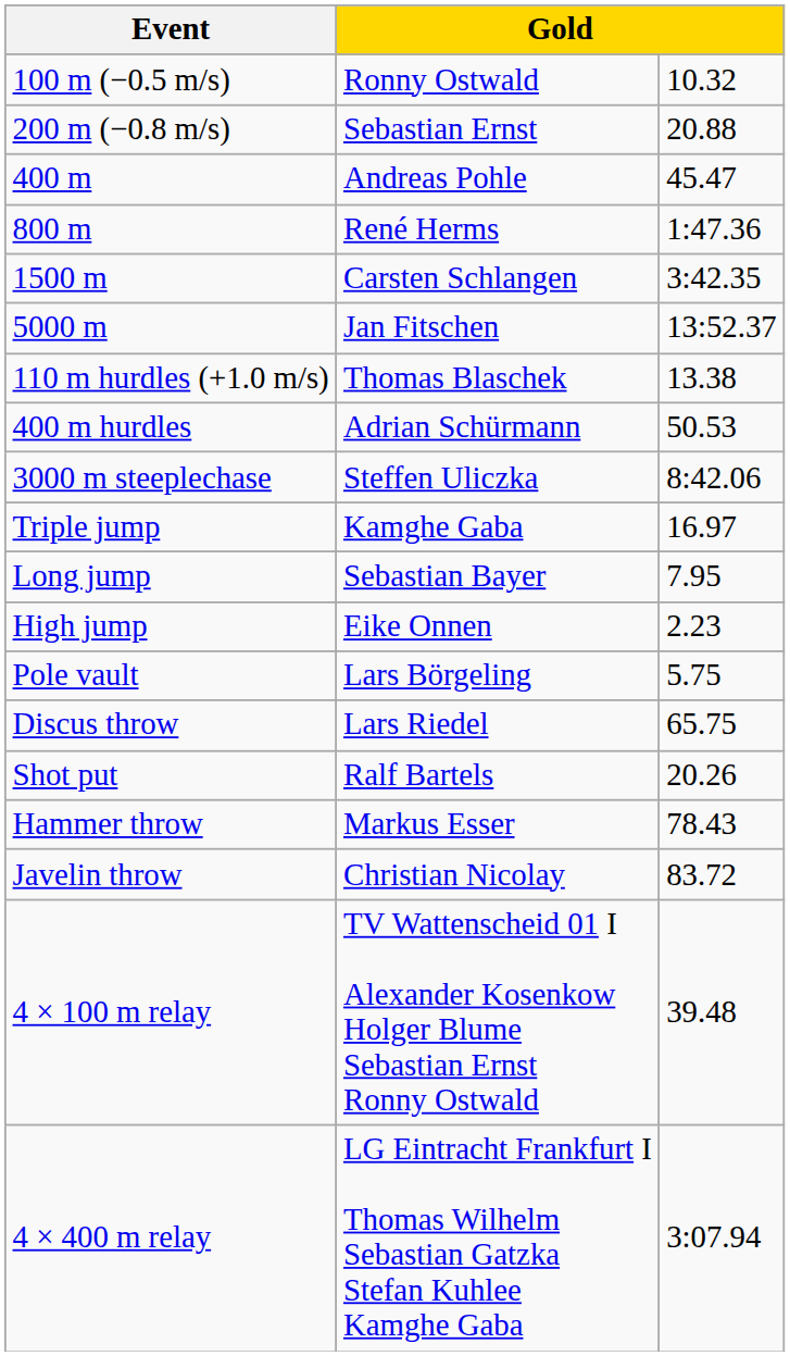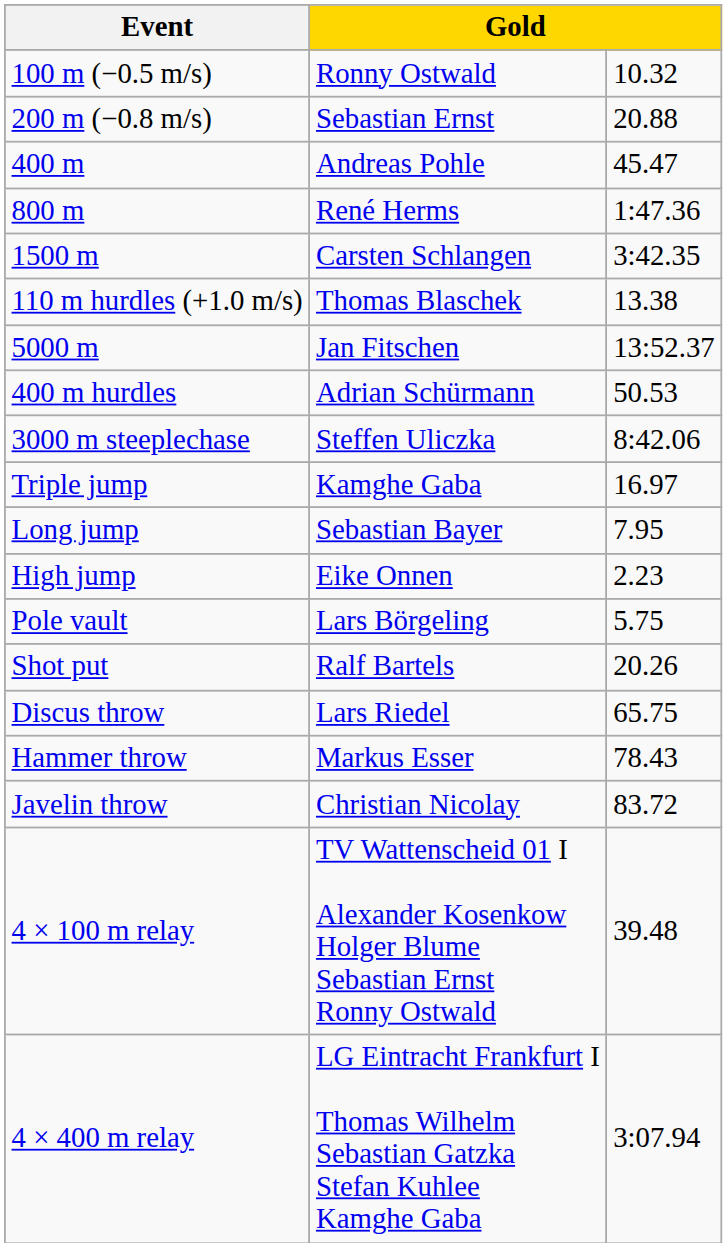 <table class="wikitable">
 <tr>
 <th>Event</th>
 <th style="background:gold;" colspan=2>Gold</th>
 </tr>
 <tr>
 <td><a href='#'>100 m</a> (−0.5 m/s)</td>
 <td><a href='#'>Ronny Ostwald</a></td>
 <td>10.32</td>
 </tr>
 <tr>
 <td><a href='#'>200 m</a> (−0.8 m/s)</td>
 <td><a href='#'>Sebastian Ernst</a></td>
 <td>20.88</td>
 </tr>
 <tr>
 <td><a href='#'>400 m</a></td>
 <td><a href='#'>Andreas Pohle</a></td>
 <td>45.47 </td>
 </tr>
 <tr>
 <td><a href='#'>800 m</a></td>
 <td><a href='#'>René Herms</a></td>
 <td>1:47.36</td>
 </tr>
 <tr>
 <td><a href='#'>1500 m</a></td>
 <td><a href='#'>Carsten Schlangen</a></td>
 <td>3:42.35</td>
 </tr>
 <tr>
+<td><a href='#'>110 m hurdles</a> (+1.0 m/s)</td>
+<td><a href='#'>Thomas Blaschek</a></td>
+<td>13.38</td>
+</tr>
+<tr>
 <td><a href='#'>5000 m</a></td>
 <td><a href='#'>Jan Fitschen</a></td>
 <td>13:52.37</td>
-</tr>
-<tr>
-<td><a href='#'>110 m hurdles</a> (+1.0 m/s)</td>
-<td><a href='#'>Thomas Blaschek</a></td>
-<td>13.38</td>
 </tr>
 <tr>
 <td><a href='#'>400 m hurdles</a></td>
 <td><a href='#'>Adrian Schürmann</a></td>
 <td>50.53 </td>
 </tr>
 <tr>
 <td><a href='#'>3000 m steeplechase</a></td>
 <td><a href='#'>Steffen Uliczka</a></td>
 <td>8:42.06</td>
 </tr>
 <tr>
 <td><a href='#'>Triple jump</a></td>
 <td><a href='#'>Kamghe Gaba</a></td>
 <td>16.97 </td>
 </tr>
 <tr>
 <td><a href='#'>Long jump</a></td>
 <td><a href='#'>Sebastian Bayer</a></td>
 <td>7.95 </td>
 </tr>
 <tr>
 <td><a href='#'>High jump</a></td>
 <td><a href='#'>Eike Onnen</a></td>
 <td>2.23</td>
 </tr>
 <tr>
 <td><a href='#'>Pole vault</a></td>
 <td><a href='#'>Lars Börgeling</a></td>
 <td>5.75</td>
 </tr>
 <tr>
+<td><a href='#'>Shot put</a></td>
+<td><a href='#'>Ralf Bartels</a></td>
+<td>20.26</td>
+</tr>
+<tr>
 <td><a href='#'>Discus throw</a></td>
 <td><a href='#'>Lars Riedel</a></td>
 <td>65.75</td>
-</tr>
-<tr>
-<td><a href='#'>Shot put</a></td>
-<td><a href='#'>Ralf Bartels</a></td>
-<td>20.26</td>
 </tr>
 <tr>
 <td><a href='#'>Hammer throw</a></td>
 <td><a href='#'>Markus Esser</a></td>
 <td>78.43</td>
 </tr>
 <tr>
 <td><a href='#'>Javelin throw</a></td>
 <td><a href='#'>Christian Nicolay</a></td>
 <td>83.72 </td>
 </tr>
 <tr>
 <td><a href='#'>4 × 100 m relay</a></td>
 <td><a href='#'>TV Wattenscheid 01</a> I <br><br><a href='#'>Alexander Kosenkow</a> <br> <a href='#'>Holger Blume</a> <br> <a href='#'>Sebastian Ernst</a> <br> <a href='#'>Ronny Ostwald</a></td>
 <td>39.48</td>
 </tr>
 <tr>
 <td><a href='#'>4 × 400 m relay</a></td>
 <td><a href='#'>LG Eintracht Frankfurt</a> I <br><br><a href='#'>Thomas Wilhelm</a> <br> <a href='#'>Sebastian Gatzka</a> <br> <a href='#'>Stefan Kuhlee</a> <br> <a href='#'>Kamghe Gaba</a></td>
 <td>3:07.94</td>
 </tr>
 </table>
